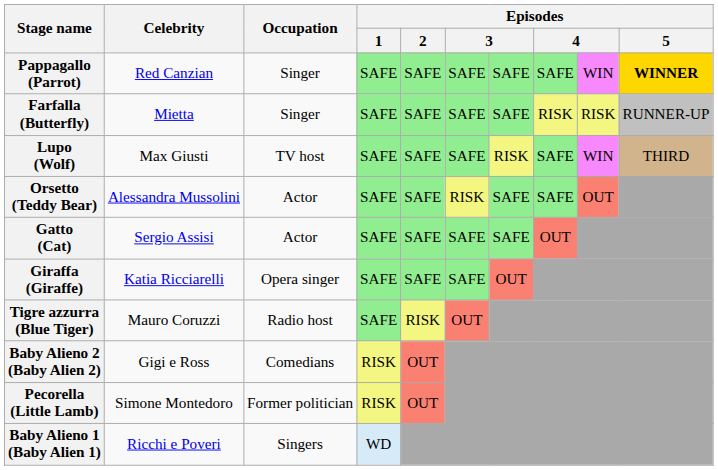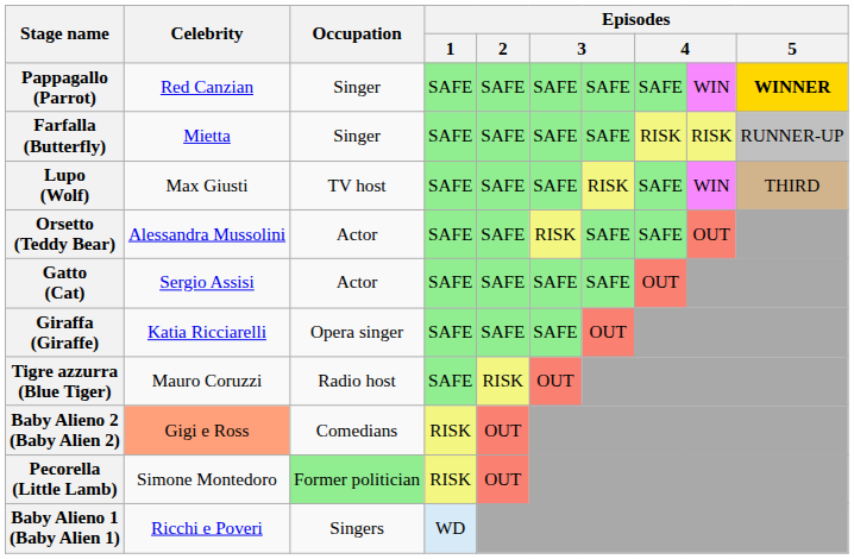 <table class="wikitable" style="text-align:center; ">
 <tr>
 <th rowspan="2">Stage name</th>
 <th rowspan="2">Celebrity</th>
 <th rowspan="2">Occupation</th>
 <th colspan="10">Episodes</th>
 </tr>
 <tr>
 <th rowspan="1">1</th>
 <th rowspan="1">2</th>
 <th colspan="2" rowspan="1">3</th>
 <th colspan="2" rowspan="1">4</th>
 <th rowspan="1">5</th>
 </tr>
 <tr>
 <th>Pappagallo<br>(Parrot)</th>
 <td><a href='#'>Red Canzian</a></td>
 <td>Singer</td>
 <td bgcolor="lightgreen">SAFE</td>
 <td bgcolor="lightgreen">SAFE</td>
 <td bgcolor="lightgreen">SAFE</td>
 <td bgcolor="lightgreen">SAFE</td>
 <td bgcolor="lightgreen">SAFE</td>
 <td bgcolor=#F888FD>WIN</td>
 <td bgcolor=gold><strong>WINNER</strong></td>
 </tr>
 <tr>
 <th>Farfalla<br>(Butterfly)</th>
 <td><a href='#'>Mietta</a></td>
 <td>Singer</td>
 <td bgcolor="lightgreen">SAFE</td>
 <td bgcolor="lightgreen">SAFE</td>
 <td bgcolor="lightgreen">SAFE</td>
 <td bgcolor="lightgreen">SAFE</td>
 <td bgcolor="F3F781">RISK</td>
 <td bgcolor="F3F781">RISK</td>
 <td bgcolor=silver>RUNNER-UP</td>
 </tr>
 <tr>
 <th>Lupo<br>(Wolf)</th>
 <td>Max Giusti</td>
 <td>TV host</td>
 <td bgcolor="lightgreen">SAFE</td>
 <td bgcolor="lightgreen">SAFE</td>
 <td bgcolor="lightgreen">SAFE</td>
 <td bgcolor="F3F781">RISK</td>
 <td bgcolor="lightgreen">SAFE</td>
 <td bgcolor=#F888FD>WIN</td>
 <td bgcolor=tan>THIRD</td>
 </tr>
 <tr>
 <th>Orsetto<br>(Teddy Bear)</th>
 <td><a href='#'>Alessandra Mussolini</a></td>
 <td>Actor</td>
 <td bgcolor="lightgreen">SAFE</td>
 <td bgcolor="lightgreen">SAFE</td>
 <td bgcolor="F3F781">RISK</td>
 <td bgcolor="lightgreen">SAFE</td>
 <td bgcolor="lightgreen">SAFE</td>
 <td bgcolor="salmon">OUT</td>
 <td bgcolor="darkgrey"></td>
 </tr>
 <tr>
 <th>Gatto<br>(Cat)</th>
 <td><a href='#'>Sergio Assisi</a></td>
 <td>Actor</td>
 <td bgcolor="lightgreen">SAFE</td>
 <td bgcolor="lightgreen">SAFE</td>
 <td bgcolor="lightgreen">SAFE</td>
 <td bgcolor="lightgreen">SAFE</td>
 <td bgcolor="salmon">OUT</td>
 <td colspan="2" bgcolor="darkgrey"></td>
 </tr>
 <tr>
 <th>Giraffa<br>(Giraffe)</th>
 <td><a href='#'>Katia Ricciarelli</a></td>
 <td>Opera singer</td>
 <td bgcolor="lightgreen">SAFE</td>
 <td bgcolor="lightgreen">SAFE</td>
 <td bgcolor="lightgreen">SAFE</td>
 <td bgcolor="salmon">OUT</td>
 <td colspan="3" bgcolor="darkgrey"></td>
 </tr>
 <tr>
 <th>Tigre azzurra<br>(Blue Tiger)</th>
 <td>Mauro Coruzzi</td>
 <td>Radio host</td>
 <td bgcolor="lightgreen">SAFE</td>
 <td bgcolor="#F3F781">RISK</td>
 <td bgcolor="salmon">OUT</td>
 <td colspan="4" bgcolor="darkgrey"></td>
 </tr>
 <tr>
 <th>Baby Alieno 2<br>(Baby Alien 2)</th>
-<td>Gigi e Ross</td>
+<td style="background: lightsalmon;">Gigi e Ross</td>
 <td>Comedians</td>
 <td bgcolor="#F3F781">RISK</td>
 <td bgcolor="salmon">OUT</td>
 <td colspan="5" bgcolor="darkgrey"></td>
 </tr>
 <tr>
 <th>Pecorella<br>(Little Lamb)</th>
 <td>Simone Montedoro</td>
-<td>Former politician</td>
+<td style="background: lightgreen;">Former politician</td>
 <td bgcolor="#F3F781">RISK</td>
 <td bgcolor="salmon">OUT</td>
 <td colspan="5" bgcolor="darkgrey"></td>
 </tr>
 <tr>
 <th>Baby Alieno 1<br>(Baby Alien 1)</th>
 <td><a href='#'>Ricchi e Poveri</a></td>
 <td>Singers</td>
 <td bgcolor="D6EAF8">WD</td>
 <td colspan="6" bgcolor="darkgrey"></td>
 </tr>
 </table>
